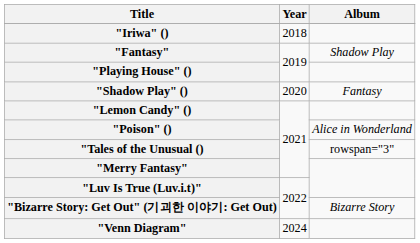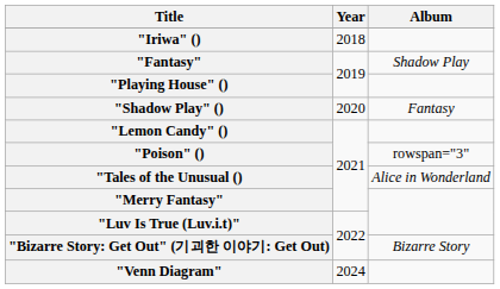 <table class="wikitable plainrowheaders" style="text-align:center;">
 <tr>
 <th scope="col">Title</th>
 <th scope="col">Year</th>
 <th scope="col">Album</th>
 </tr>
 <tr>
 </tr>
 <tr>
 <th scope="row">"Iriwa" ()</th>
 <td>2018</td>
 <td></td>
 </tr>
 <tr>
 <th scope="row">"Fantasy"</th>
 <td rowspan="2">2019</td>
 <td><em>Shadow Play</em></td>
 </tr>
 <tr>
 <th scope="row">"Playing House" ()</th>
 <td></td>
 </tr>
 <tr>
 <th scope="row">"Shadow Play" ()</th>
 <td>2020</td>
 <td><em>Fantasy</em></td>
 </tr>
 <tr>
 <th scope="row">"Lemon Candy" ()</th>
 <td rowspan="4">2021</td>
 <td></td>
 </tr>
 <tr>
 <th scope="row">"Poison" ()</th>
-<td><em>Alice in Wonderland</em></td>
+<td>rowspan="3" </td>
 </tr>
 <tr>
 <th scope="row">"Tales of the Unusual ()</th>
-<td>rowspan="3" </td>
+<td><em>Alice in Wonderland</em></td>
 </tr>
 <tr>
 <th scope="row">"Merry Fantasy"</th>
 </tr>
 <tr>
 <th scope="row">"Luv Is True (Luv.i.t)"</th>
 <td rowspan="2">2022</td>
 </tr>
 <tr>
 <th scope="row">"Bizarre Story: Get Out" (기괴한 이야기: Get Out)</th>
 <td><em>Bizarre Story</em></td>
 </tr>
 <tr>
 <th scope="row">"Venn Diagram"</th>
 <td scope="row">2024</td>
 <td></td>
 </tr>
 </table>
